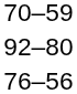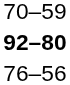 <table style="text-align:center">
 <tr>
 <th width=200></th>
 <th width=100></th>
 <th width=200></th>
 <th></th>
 </tr>
 <tr>
 <td align=right><strong></strong></td>
 <td>70–59</td>
 <td align=left></td>
 </tr>
 <tr>
 <td align=right><strong></strong></td>
-<td>92–80</td>
+<td><strong>92–80</strong></td>
 <td align=left></td>
 </tr>
 <tr>
 <td align=right><strong></strong></td>
 <td>76–56</td>
 <td align=left></td>
 </tr>
 </table>
